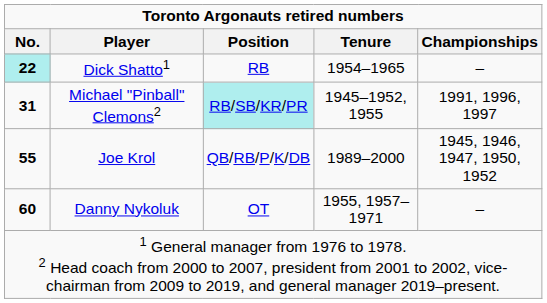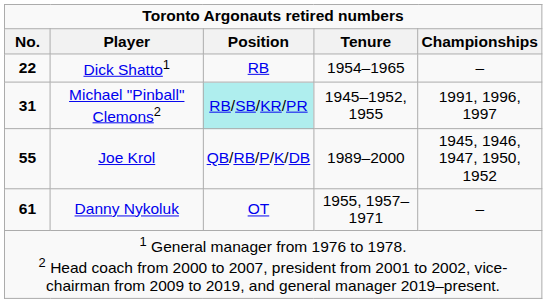 <table class="wikitable floatright" style="text-align:center">
 <tr>
 <td colspan="5"><strong>Toronto Argonauts retired numbers</strong></td>
 </tr>
 <tr>
 <th width="40">No.</th>
 <th width="150">Player</th>
 <th width="40">Position</th>
 <th width="100">Tenure</th>
 <th width="100">Championships</th>
 </tr>
 <tr>
-<td style="background: paleturquoise;"><strong>22</strong></td>
+<td><strong>22</strong></td>
 <td><a href='#'>Dick Shatto</a><sup>1</sup></td>
 <td><a href='#'>RB</a></td>
 <td>1954–1965</td>
 <td>–</td>
 </tr>
 <tr>
 <td><strong>31</strong></td>
 <td><a href='#'>Michael "Pinball" Clemons</a><sup>2</sup></td>
 <td style="background: paleturquoise;"><a href='#'>RB</a>/<a href='#'>SB</a>/<a href='#'>KR</a>/<a href='#'>PR</a></td>
 <td>1945–1952, 1955</td>
 <td>1991, 1996, 1997</td>
 </tr>
 <tr>
 <td><strong>55</strong></td>
 <td><a href='#'>Joe Krol</a></td>
 <td><a href='#'>QB</a>/<a href='#'>RB</a>/<a href='#'>P</a>/<a href='#'>K</a>/<a href='#'>DB</a></td>
 <td>1989–2000</td>
 <td>1945, 1946, 1947, 1950, 1952</td>
 </tr>
 <tr>
-<td><strong>60</strong></td>
+<td><strong>61</strong></td>
 <td><a href='#'>Danny Nykoluk</a></td>
 <td><a href='#'>OT</a></td>
 <td>1955, 1957–1971</td>
 <td>–</td>
 </tr>
 <tr>
 <td colspan=5><sup>1</sup> General manager from 1976 to 1978.<br><sup>2</sup> Head coach from 2000 to 2007, president from 2001 to 2002, vice-chairman from 2009 to 2019, and general manager 2019–present.</td>
 </tr>
 </table>
